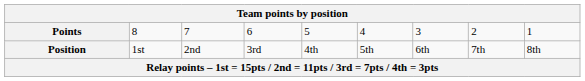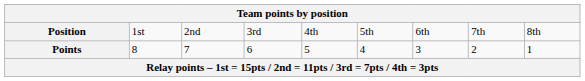 <table class="wikitable" style="margin:0.5em auto; font-size:90%;position:relative;" width=60%>
 <tr>
 <th colspan=9>Team points by position</th>
+</tr>
+<tr>
+<th>Position</th>
+<td>1st</td>
+<td>2nd</td>
+<td>3rd</td>
+<td>4th</td>
+<td>5th</td>
+<td>6th</td>
+<td>7th</td>
+<td>8th</td>
 </tr>
 <tr>
 <th>Points</th>
 <td>8</td>
 <td>7</td>
 <td>6</td>
 <td>5</td>
 <td>4</td>
 <td>3</td>
 <td>2</td>
 <td>1</td>
 </tr>
 <tr>
-<th>Position</th>
-<td>1st</td>
-<td>2nd</td>
-<td>3rd</td>
-<td>4th</td>
-<td>5th</td>
-<td>6th</td>
-<td>7th</td>
-<td>8th</td>
-</tr>
-<tr>
 <th colspan=9>Relay points – 1st = 15pts / 2nd = 11pts / 3rd = 7pts / 4th = 3pts</th>
 </tr>
 </table>
